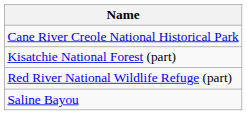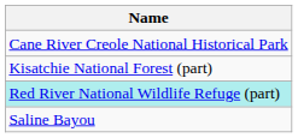 <table class="wikitable sortable">
 <tr>
 <th>Name</th>
 </tr>
 <tr>
 <td><a href='#'>Cane River Creole National Historical Park</a></td>
 </tr>
 <tr>
 <td><a href='#'>Kisatchie National Forest</a> (part)</td>
 </tr>
 <tr>
-<td><a href='#'>Red River National Wildlife Refuge</a> (part)</td>
+<td style="background: paleturquoise;"><a href='#'>Red River National Wildlife Refuge</a> (part)</td>
 </tr>
 <tr>
 <td><a href='#'>Saline Bayou</a></td>
 </tr>
 </table>
